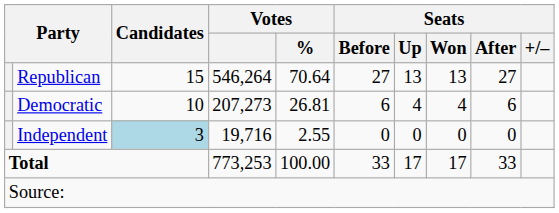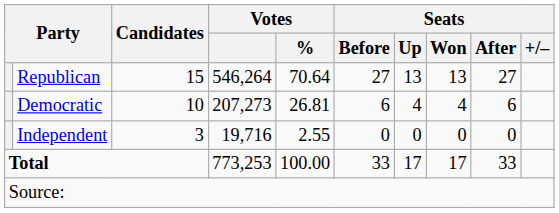 <table class="wikitable">
 <tr>
 <th rowspan="2" colspan="2">Party</th>
 <th rowspan="2">Candidates</th>
 <th colspan="2">Votes</th>
 <th colspan="5">Seats</th>
 </tr>
 <tr>
 <th></th>
 <th>%</th>
 <th>Before</th>
 <th>Up</th>
 <th>Won</th>
 <th>After</th>
 <th>+/–</th>
 </tr>
 <tr>
 <th style="background-color:"></th>
 <td><a href='#'>Republican</a></td>
 <td align="right">15</td>
 <td align="right">546,264</td>
 <td align="right">70.64</td>
 <td align="right">27</td>
 <td align="right">13</td>
 <td align="right">13</td>
 <td align="right">27</td>
 <td align="right"></td>
 </tr>
 <tr>
 <th style="background-color:"></th>
 <td><a href='#'>Democratic</a></td>
 <td align="right">10</td>
 <td align="right">207,273</td>
 <td align="right">26.81</td>
 <td align="right">6</td>
 <td align="right">4</td>
 <td align="right">4</td>
 <td align="right">6</td>
 <td align="right"></td>
 </tr>
 <tr>
 <th style="background-color:"></th>
 <td><a href='#'>Independent</a></td>
-<td align="right" style="background: lightblue;">3</td>
+<td align="right">3</td>
 <td align="right">19,716</td>
 <td align="right">2.55</td>
 <td align="right">0</td>
 <td align="right">0</td>
 <td align="right">0</td>
 <td align="right">0</td>
 <td align="right"></td>
 </tr>
 <tr>
 <td colspan="3" align="left"><strong>Total</strong></td>
 <td align="right">773,253</td>
 <td align="right">100.00</td>
 <td align="right">33</td>
 <td align="right">17</td>
 <td align="right">17</td>
 <td align="right">33</td>
 <td align="right"></td>
 </tr>
 <tr>
 <td colspan="10">Source: </td>
 </tr>
 </table>
